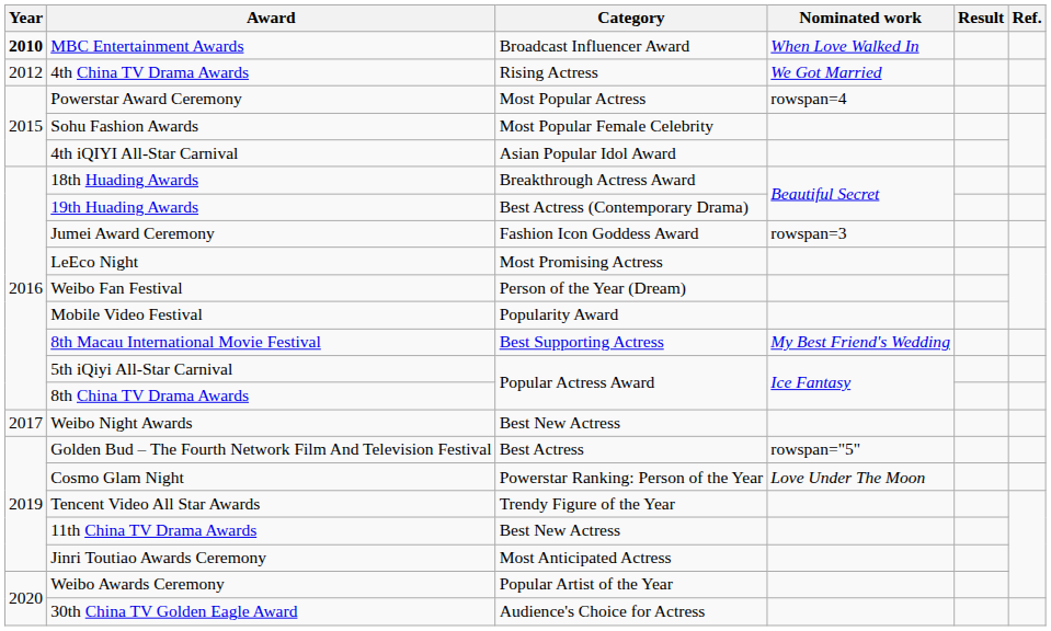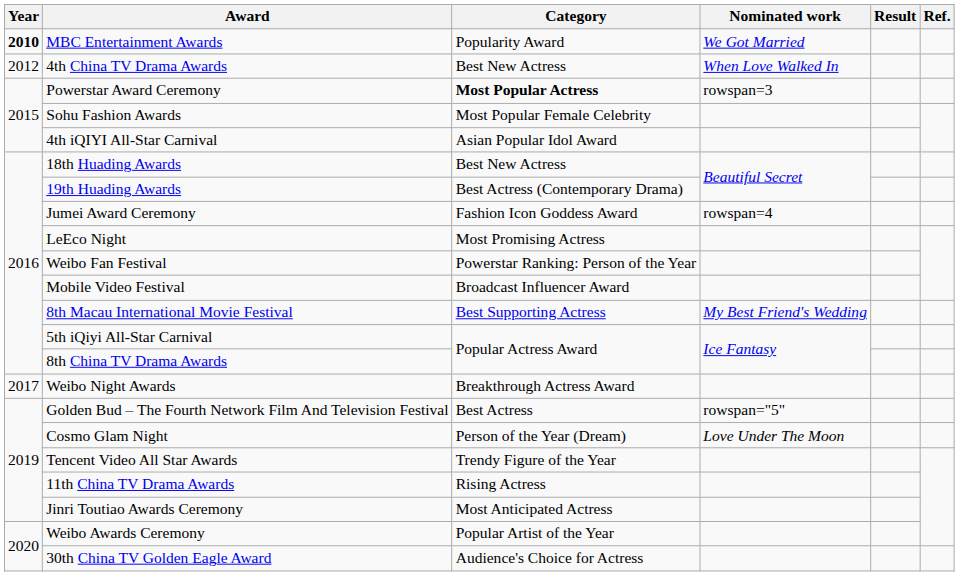 <table class="wikitable">
 <tr>
 <th>Year</th>
 <th>Award</th>
 <th>Category</th>
 <th>Nominated work</th>
 <th>Result</th>
 <th>Ref.</th>
 </tr>
 <tr>
 <td><strong>2010</strong></td>
 <td><a href='#'>MBC Entertainment Awards</a></td>
-<td>Broadcast Influencer Award</td>
-<td><em><a href='#'>When Love Walked In</a></em></td>
+<td>Popularity Award</td>
+<td><em><a href='#'>We Got Married</a></em></td>
 <td></td>
 <td></td>
 </tr>
 <tr>
 <td>2012</td>
 <td>4th <a href='#'>China TV Drama Awards</a></td>
-<td>Rising Actress</td>
-<td><em><a href='#'>We Got Married</a></em></td>
+<td>Best New Actress</td>
+<td><em><a href='#'>When Love Walked In</a></em></td>
 <td></td>
 <td></td>
 </tr>
 <tr>
 <td rowspan=3>2015</td>
 <td>Powerstar Award Ceremony</td>
-<td>Most Popular Actress</td>
-<td>rowspan=4 </td>
+<td><strong>Most Popular Actress</strong></td>
+<td>rowspan=3 </td>
 <td></td>
 <td></td>
 </tr>
 <tr>
 <td>Sohu Fashion Awards</td>
 <td>Most Popular Female Celebrity</td>
 <td></td>
 <td></td>
 </tr>
 <tr>
 <td>4th iQIYI All-Star Carnival</td>
 <td>Asian Popular Idol Award</td>
 <td></td>
 <td></td>
 </tr>
 <tr>
 <td rowspan=9>2016</td>
 <td>18th <a href='#'>Huading Awards</a></td>
-<td>Breakthrough Actress Award</td>
+<td>Best New Actress</td>
 <td rowspan=2><em><a href='#'>Beautiful Secret</a></em></td>
 <td></td>
 <td></td>
 </tr>
 <tr>
 <td><a href='#'>19th Huading Awards</a></td>
 <td>Best Actress (Contemporary Drama)</td>
 <td></td>
 <td></td>
 </tr>
 <tr>
 <td>Jumei Award Ceremony</td>
 <td>Fashion Icon Goddess Award</td>
-<td>rowspan=3 </td>
+<td>rowspan=4 </td>
 <td></td>
 <td></td>
 </tr>
 <tr>
 <td>LeEco Night</td>
 <td>Most Promising Actress</td>
 <td></td>
 <td></td>
 </tr>
 <tr>
 <td>Weibo Fan Festival</td>
-<td>Person of the Year (Dream)</td>
+<td>Powerstar Ranking: Person of the Year</td>
 <td></td>
 <td></td>
 </tr>
 <tr>
 <td>Mobile Video Festival</td>
-<td>Popularity Award</td>
+<td>Broadcast Influencer Award</td>
 <td></td>
 <td></td>
 </tr>
 <tr>
 <td><a href='#'>8th Macau International Movie Festival</a></td>
 <td><a href='#'>Best Supporting Actress</a></td>
 <td><em><a href='#'>My Best Friend's Wedding</a></em></td>
 <td></td>
 <td></td>
 </tr>
 <tr>
 <td>5th iQiyi All-Star Carnival</td>
 <td rowspan=2>Popular Actress Award</td>
 <td rowspan=2><em><a href='#'>Ice Fantasy</a></em></td>
 <td></td>
 <td></td>
 </tr>
 <tr>
 <td>8th <a href='#'>China TV Drama Awards</a></td>
 <td></td>
 <td></td>
 </tr>
 <tr>
 <td>2017</td>
 <td>Weibo Night Awards</td>
-<td>Best New Actress</td>
+<td>Breakthrough Actress Award</td>
 <td></td>
 <td></td>
 <td></td>
 </tr>
 <tr>
 <td rowspan=5>2019</td>
 <td>Golden Bud – The Fourth Network Film And Television Festival</td>
 <td>Best Actress</td>
 <td>rowspan="5" </td>
 <td></td>
 <td></td>
 </tr>
 <tr>
 <td>Cosmo Glam Night</td>
-<td>Powerstar Ranking: Person of the Year</td>
+<td>Person of the Year (Dream)</td>
 <td><em>Love Under The Moon</em></td>
 <td></td>
 <td></td>
 </tr>
 <tr>
 <td>Tencent Video All Star Awards</td>
 <td>Trendy Figure of the Year</td>
 <td></td>
 <td></td>
 </tr>
 <tr>
 <td>11th <a href='#'>China TV Drama Awards</a></td>
-<td>Best New Actress</td>
+<td>Rising Actress</td>
 <td></td>
 <td></td>
 </tr>
 <tr>
 <td>Jinri Toutiao Awards Ceremony</td>
 <td>Most Anticipated Actress</td>
 <td></td>
 <td></td>
 </tr>
 <tr>
 <td rowspan=2>2020</td>
 <td>Weibo Awards Ceremony</td>
 <td>Popular Artist of the Year</td>
 <td></td>
 <td></td>
 </tr>
 <tr>
 <td>30th <a href='#'>China TV Golden Eagle Award</a></td>
 <td>Audience's Choice for Actress</td>
 <td></td>
 <td></td>
 <td></td>
 </tr>
 </table>
